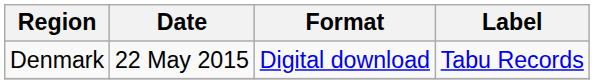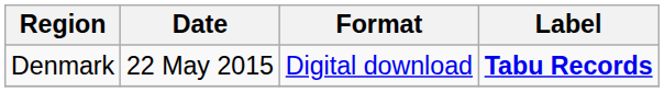 <table class=wikitable>
 <tr>
 <th>Region</th>
 <th>Date</th>
 <th>Format</th>
 <th>Label</th>
 </tr>
 <tr>
 <td>Denmark</td>
 <td>22 May 2015</td>
 <td><a href='#'>Digital download</a></td>
-<td><a href='#'>Tabu Records</a></td>
+<td><strong><a href='#'>Tabu Records</a></strong></td>
 </tr>
 <tr>
 </tr>
 </table>
